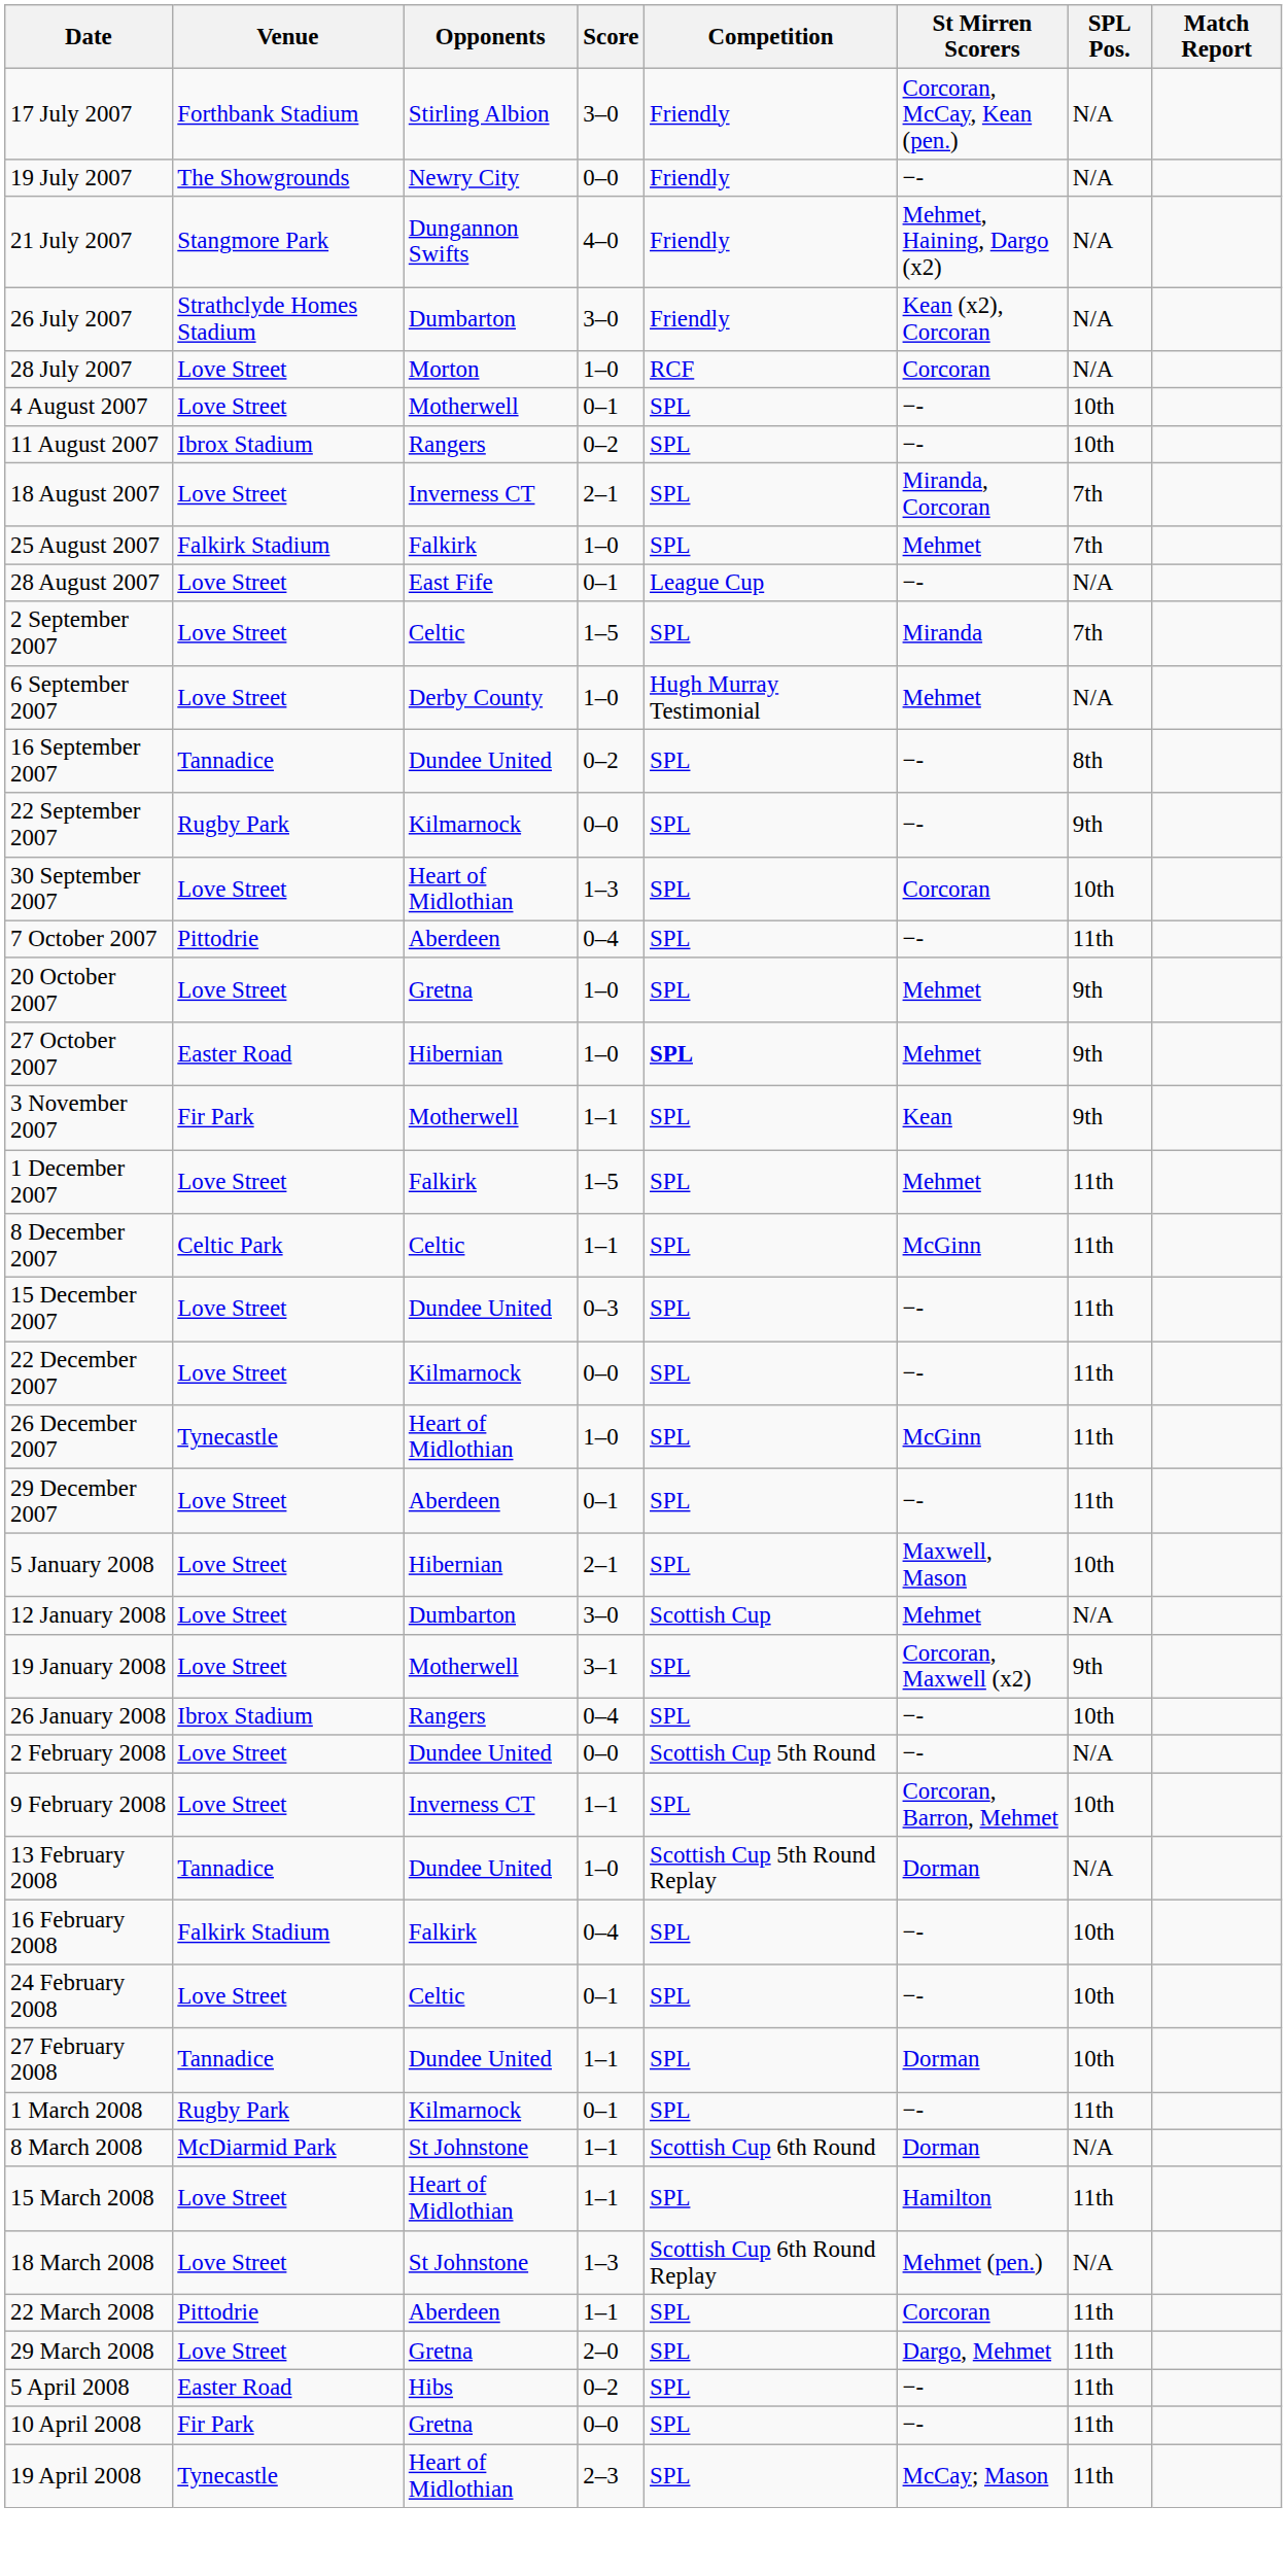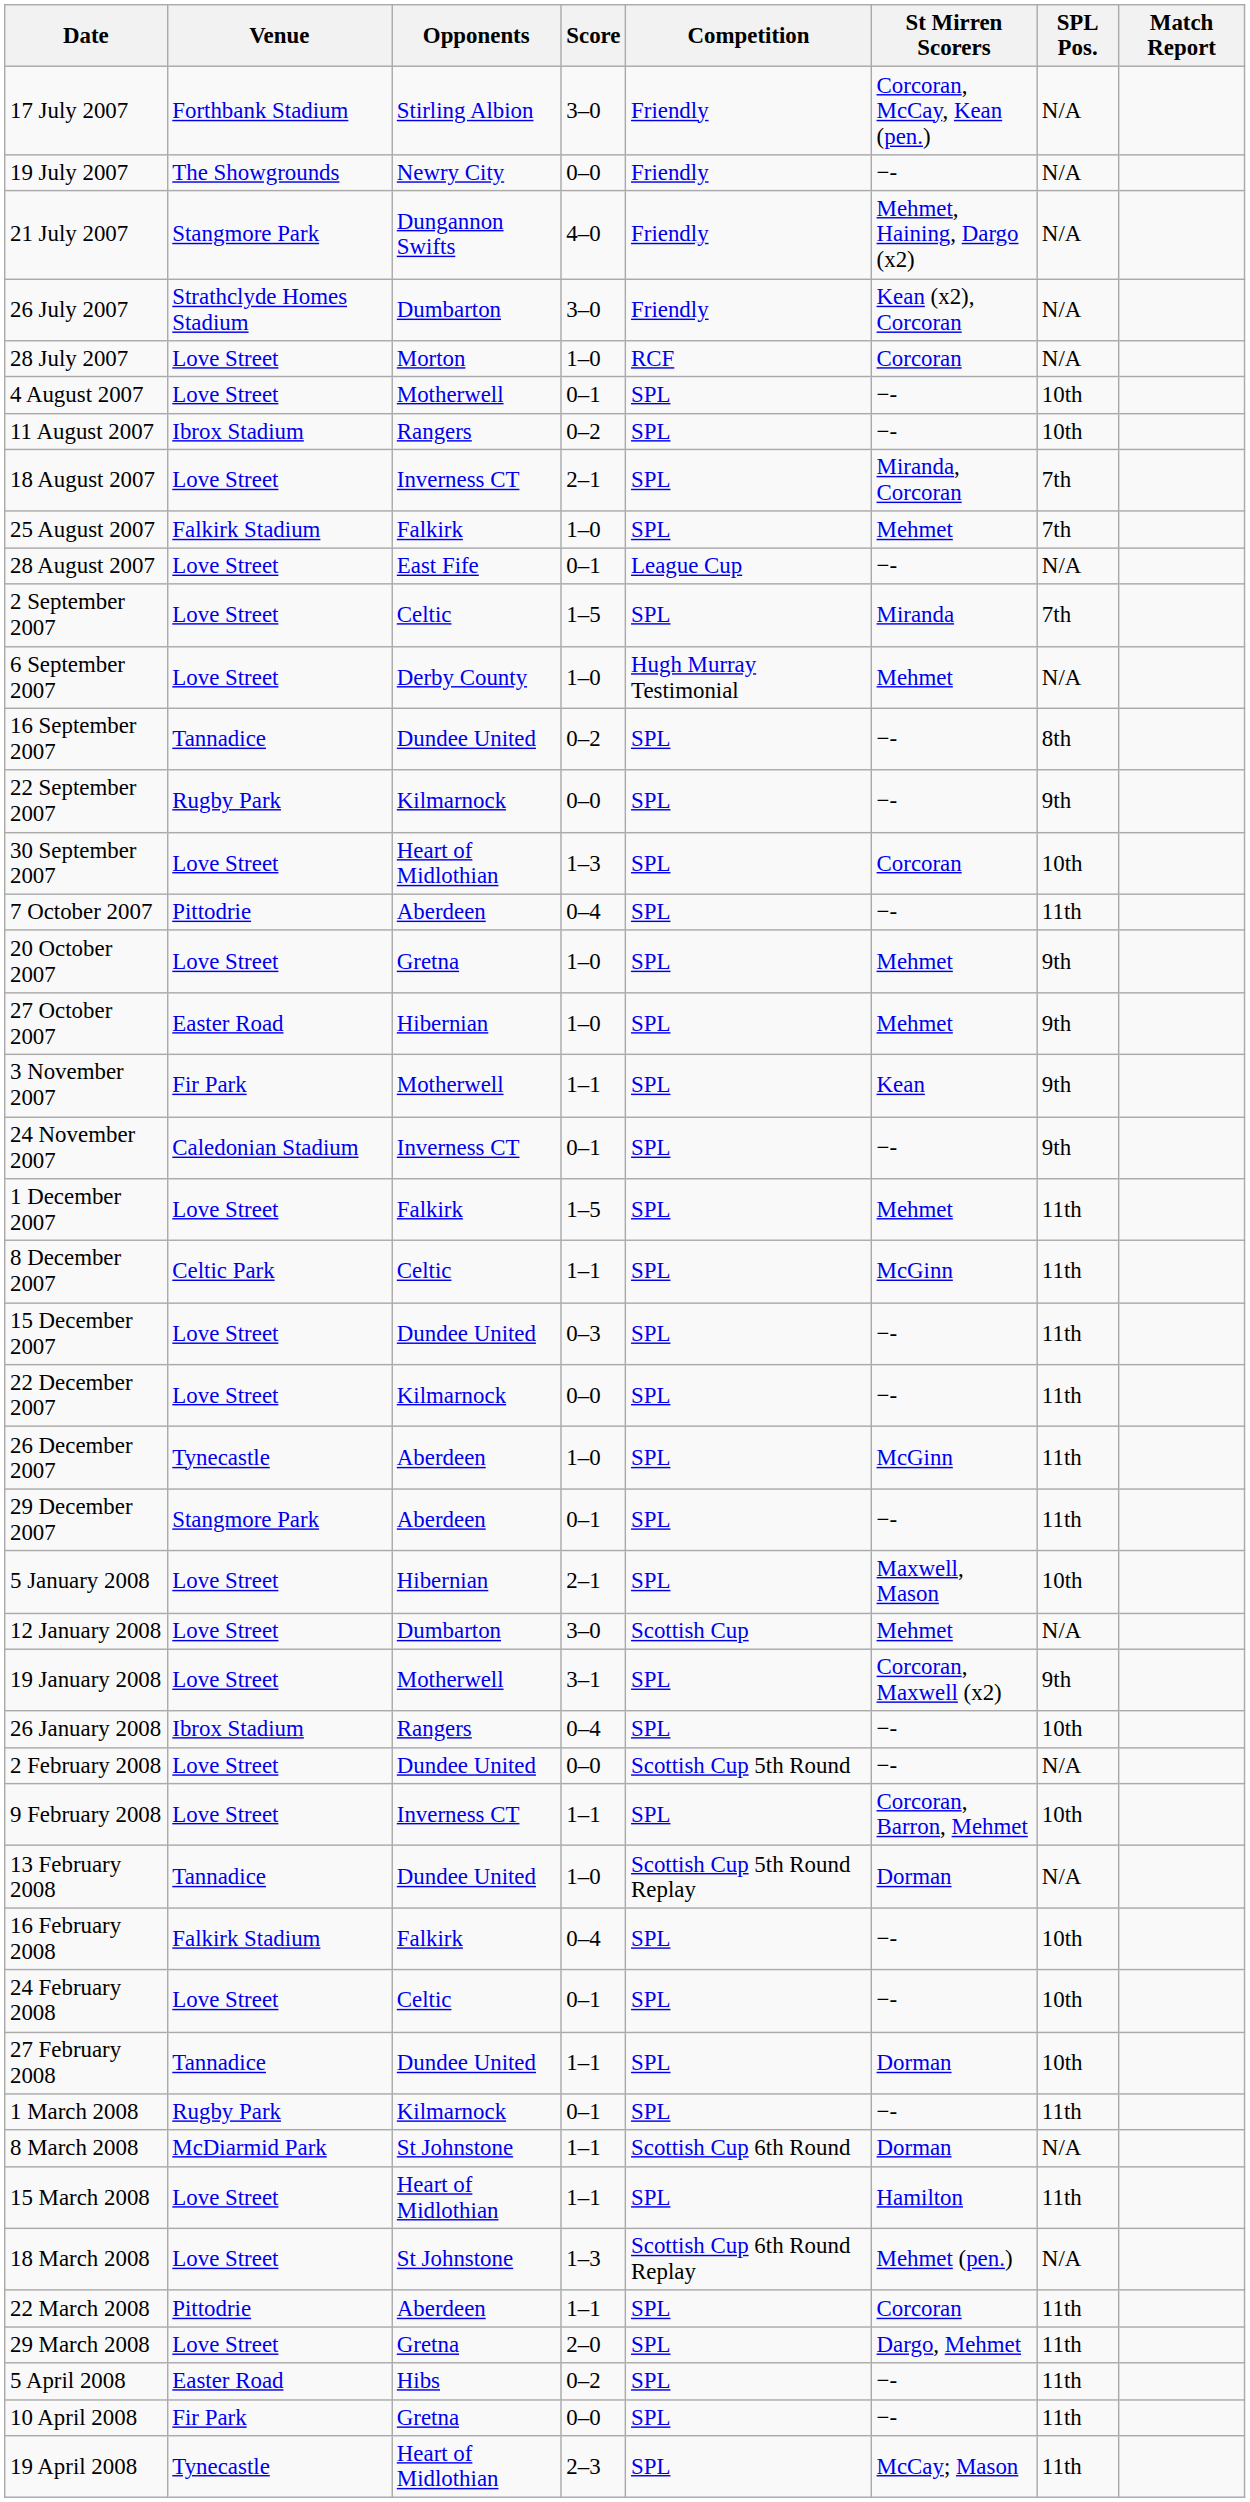 <table class="wikitable">
 <tr>
 <th>Date</th>
 <th>Venue</th>
 <th>Opponents</th>
 <th>Score</th>
 <th>Competition</th>
 <th>St Mirren Scorers</th>
 <th>SPL Pos.</th>
 <th>Match Report</th>
 </tr>
 <tr>
 <td>17 July 2007</td>
 <td><a href='#'>Forthbank Stadium</a></td>
 <td><a href='#'>Stirling Albion</a></td>
 <td>3–0</td>
 <td><a href='#'>Friendly</a></td>
 <td><a href='#'>Corcoran</a>,<br><a href='#'>McCay</a>,  <a href='#'>Kean</a> (<a href='#'>pen.</a>)</td>
 <td>N/A</td>
 <td></td>
 </tr>
 <tr>
 <td>19 July 2007</td>
 <td><a href='#'>The Showgrounds</a></td>
 <td><a href='#'>Newry City</a></td>
 <td>0–0</td>
 <td><a href='#'>Friendly</a></td>
 <td>−-</td>
 <td>N/A</td>
 <td></td>
 </tr>
 <tr>
 <td>21 July 2007</td>
 <td><a href='#'>Stangmore Park</a></td>
 <td><a href='#'>Dungannon Swifts</a></td>
 <td>4–0</td>
 <td><a href='#'>Friendly</a></td>
 <td><a href='#'>Mehmet</a>,<br><a href='#'>Haining</a>,  <a href='#'>Dargo</a> (x2)</td>
 <td>N/A</td>
 <td></td>
 </tr>
 <tr>
 <td>26 July 2007</td>
 <td><a href='#'>Strathclyde Homes Stadium</a></td>
 <td><a href='#'>Dumbarton</a></td>
 <td>3–0</td>
 <td><a href='#'>Friendly</a></td>
 <td><a href='#'>Kean</a> (x2),<br><a href='#'>Corcoran</a></td>
 <td>N/A</td>
 <td></td>
 </tr>
 <tr>
 <td>28 July 2007</td>
 <td><a href='#'>Love Street</a></td>
 <td><a href='#'>Morton</a></td>
 <td>1–0</td>
 <td><a href='#'>RCF</a></td>
 <td><a href='#'>Corcoran</a></td>
 <td>N/A</td>
 <td></td>
 </tr>
 <tr>
 <td>4 August 2007</td>
 <td><a href='#'>Love Street</a></td>
 <td><a href='#'>Motherwell</a></td>
 <td>0–1</td>
 <td><a href='#'>SPL</a></td>
 <td>−-</td>
 <td>10th</td>
 <td></td>
 </tr>
 <tr>
 <td>11 August 2007</td>
 <td><a href='#'>Ibrox Stadium</a></td>
 <td><a href='#'>Rangers</a></td>
 <td>0–2</td>
 <td><a href='#'>SPL</a></td>
 <td>−-</td>
 <td>10th</td>
 <td></td>
 </tr>
 <tr>
 <td>18 August 2007</td>
 <td><a href='#'>Love Street</a></td>
 <td><a href='#'>Inverness CT</a></td>
 <td>2–1</td>
 <td><a href='#'>SPL</a></td>
 <td><a href='#'>Miranda</a>,<br><a href='#'>Corcoran</a></td>
 <td>7th</td>
 <td></td>
 </tr>
 <tr>
 <td>25 August 2007</td>
 <td><a href='#'>Falkirk Stadium</a></td>
 <td><a href='#'>Falkirk</a></td>
 <td>1–0</td>
 <td><a href='#'>SPL</a></td>
 <td><a href='#'>Mehmet</a></td>
 <td>7th</td>
 <td></td>
 </tr>
 <tr>
 <td>28 August 2007</td>
 <td><a href='#'>Love Street</a></td>
 <td><a href='#'>East Fife</a></td>
 <td>0–1</td>
 <td><a href='#'>League Cup</a></td>
 <td>−-</td>
 <td>N/A</td>
 <td></td>
 </tr>
 <tr>
 <td>2 September 2007</td>
 <td><a href='#'>Love Street</a></td>
 <td><a href='#'>Celtic</a></td>
 <td>1–5</td>
 <td><a href='#'>SPL</a></td>
 <td><a href='#'>Miranda</a></td>
 <td>7th</td>
 <td></td>
 </tr>
 <tr>
 <td>6 September 2007</td>
 <td><a href='#'>Love Street</a></td>
 <td><a href='#'>Derby County</a></td>
 <td>1–0</td>
 <td><a href='#'>Hugh Murray</a> Testimonial</td>
 <td><a href='#'>Mehmet</a></td>
 <td>N/A</td>
 <td></td>
 </tr>
 <tr>
 <td>16 September 2007</td>
 <td><a href='#'>Tannadice</a></td>
 <td><a href='#'>Dundee United</a></td>
 <td>0–2</td>
 <td><a href='#'>SPL</a></td>
 <td>−-</td>
 <td>8th</td>
 <td></td>
 </tr>
 <tr>
 <td>22 September 2007</td>
 <td><a href='#'>Rugby Park</a></td>
 <td><a href='#'>Kilmarnock</a></td>
 <td>0–0</td>
 <td><a href='#'>SPL</a></td>
 <td>−-</td>
 <td>9th</td>
 <td></td>
 </tr>
 <tr>
 <td>30 September 2007</td>
 <td><a href='#'>Love Street</a></td>
 <td><a href='#'>Heart of Midlothian</a></td>
 <td>1–3</td>
 <td><a href='#'>SPL</a></td>
 <td><a href='#'>Corcoran</a></td>
 <td>10th</td>
 <td></td>
 </tr>
 <tr>
 <td>7 October 2007</td>
 <td><a href='#'>Pittodrie</a></td>
 <td><a href='#'>Aberdeen</a></td>
 <td>0–4</td>
 <td><a href='#'>SPL</a></td>
 <td>−-</td>
 <td>11th</td>
 <td></td>
 </tr>
 <tr>
 <td>20 October 2007</td>
 <td><a href='#'>Love Street</a></td>
 <td><a href='#'>Gretna</a></td>
 <td>1–0</td>
 <td><a href='#'>SPL</a></td>
 <td><a href='#'>Mehmet</a></td>
 <td>9th</td>
 <td></td>
 </tr>
 <tr>
 <td>27 October 2007</td>
 <td><a href='#'>Easter Road</a></td>
 <td><a href='#'>Hibernian</a></td>
 <td>1–0</td>
-<td><strong><a href='#'>SPL</a></strong></td>
+<td><a href='#'>SPL</a></td>
 <td><a href='#'>Mehmet</a></td>
 <td>9th</td>
 <td></td>
 </tr>
 <tr>
 <td>3 November 2007</td>
 <td><a href='#'>Fir Park</a></td>
 <td><a href='#'>Motherwell</a></td>
 <td>1–1</td>
 <td><a href='#'>SPL</a></td>
 <td><a href='#'>Kean</a></td>
+<td>9th</td>
+<td></td>
+</tr>
+<tr>
+<td>24 November 2007</td>
+<td><a href='#'>Caledonian Stadium</a></td>
+<td><a href='#'>Inverness CT</a></td>
+<td>0–1</td>
+<td><a href='#'>SPL</a></td>
+<td>−-</td>
 <td>9th</td>
 <td></td>
 </tr>
 <tr>
 <td>1 December 2007</td>
 <td><a href='#'>Love Street</a></td>
 <td><a href='#'>Falkirk</a></td>
 <td>1–5</td>
 <td><a href='#'>SPL</a></td>
 <td><a href='#'>Mehmet</a></td>
 <td>11th</td>
 <td></td>
 </tr>
 <tr>
 <td>8 December 2007</td>
 <td><a href='#'>Celtic Park</a></td>
 <td><a href='#'>Celtic</a></td>
 <td>1–1</td>
 <td><a href='#'>SPL</a></td>
 <td><a href='#'>McGinn</a></td>
 <td>11th</td>
 <td></td>
 </tr>
 <tr>
 <td>15 December 2007</td>
 <td><a href='#'>Love Street</a></td>
 <td><a href='#'>Dundee United</a></td>
 <td>0–3</td>
 <td><a href='#'>SPL</a></td>
 <td>−-</td>
 <td>11th</td>
 <td></td>
 </tr>
 <tr>
 <td>22 December 2007</td>
 <td><a href='#'>Love Street</a></td>
 <td><a href='#'>Kilmarnock</a></td>
 <td>0–0</td>
 <td><a href='#'>SPL</a></td>
 <td>−-</td>
 <td>11th</td>
 <td></td>
 </tr>
 <tr>
 <td>26 December 2007</td>
 <td><a href='#'>Tynecastle</a></td>
-<td><a href='#'>Heart of Midlothian</a></td>
+<td><a href='#'>Aberdeen</a></td>
 <td>1–0</td>
 <td><a href='#'>SPL</a></td>
 <td><a href='#'>McGinn</a></td>
 <td>11th</td>
 <td></td>
 </tr>
 <tr>
 <td>29 December 2007</td>
-<td><a href='#'>Love Street</a></td>
+<td><a href='#'>Stangmore Park</a></td>
 <td><a href='#'>Aberdeen</a></td>
 <td>0–1</td>
 <td><a href='#'>SPL</a></td>
 <td>−-</td>
 <td>11th</td>
 <td></td>
 </tr>
 <tr>
 <td>5 January 2008</td>
 <td><a href='#'>Love Street</a></td>
 <td><a href='#'>Hibernian</a></td>
 <td>2–1</td>
 <td><a href='#'>SPL</a></td>
 <td><a href='#'>Maxwell</a>,<br><a href='#'>Mason</a></td>
 <td>10th</td>
 <td></td>
 </tr>
 <tr>
 <td>12 January 2008</td>
 <td><a href='#'>Love Street</a></td>
 <td><a href='#'>Dumbarton</a></td>
 <td>3–0</td>
 <td><a href='#'>Scottish Cup</a></td>
 <td><a href='#'>Mehmet</a></td>
 <td>N/A</td>
 <td></td>
 </tr>
 <tr>
 <td>19 January 2008</td>
 <td><a href='#'>Love Street</a></td>
 <td><a href='#'>Motherwell</a></td>
 <td>3–1</td>
 <td><a href='#'>SPL</a></td>
 <td><a href='#'>Corcoran</a>,<br><a href='#'>Maxwell</a> (x2)</td>
 <td>9th</td>
 <td></td>
 </tr>
 <tr>
 <td>26 January 2008</td>
 <td><a href='#'>Ibrox Stadium</a></td>
 <td><a href='#'>Rangers</a></td>
 <td>0–4</td>
 <td><a href='#'>SPL</a></td>
 <td>−-</td>
 <td>10th</td>
 <td></td>
 </tr>
 <tr>
 <td>2 February 2008</td>
 <td><a href='#'>Love Street</a></td>
 <td><a href='#'>Dundee United</a></td>
 <td>0–0</td>
 <td><a href='#'>Scottish Cup</a> 5th Round</td>
 <td>−-</td>
 <td>N/A</td>
 <td></td>
 </tr>
 <tr>
 <td>9 February 2008</td>
 <td><a href='#'>Love Street</a></td>
 <td><a href='#'>Inverness CT</a></td>
 <td>1–1</td>
 <td><a href='#'>SPL</a></td>
 <td><a href='#'>Corcoran</a>,<br><a href='#'>Barron</a>,  <a href='#'>Mehmet</a></td>
 <td>10th</td>
 <td></td>
 </tr>
 <tr>
 <td>13 February 2008</td>
 <td><a href='#'>Tannadice</a></td>
 <td><a href='#'>Dundee United</a></td>
 <td>1–0</td>
 <td><a href='#'>Scottish Cup</a> 5th Round Replay</td>
 <td><a href='#'>Dorman</a></td>
 <td>N/A</td>
 <td></td>
 </tr>
 <tr>
 <td>16 February 2008</td>
 <td><a href='#'>Falkirk Stadium</a></td>
 <td><a href='#'>Falkirk</a></td>
 <td>0–4</td>
 <td><a href='#'>SPL</a></td>
 <td>−-</td>
 <td>10th</td>
 <td></td>
 </tr>
 <tr>
 <td>24 February 2008</td>
 <td><a href='#'>Love Street</a></td>
 <td><a href='#'>Celtic</a></td>
 <td>0–1</td>
 <td><a href='#'>SPL</a></td>
 <td>−-</td>
 <td>10th</td>
 <td></td>
 </tr>
 <tr>
 <td>27 February 2008</td>
 <td><a href='#'>Tannadice</a></td>
 <td><a href='#'>Dundee United</a></td>
 <td>1–1</td>
 <td><a href='#'>SPL</a></td>
 <td><a href='#'>Dorman</a></td>
 <td>10th</td>
 <td></td>
 </tr>
 <tr>
 <td>1 March 2008</td>
 <td><a href='#'>Rugby Park</a></td>
 <td><a href='#'>Kilmarnock</a></td>
 <td>0–1</td>
 <td><a href='#'>SPL</a></td>
 <td>−-</td>
 <td>11th</td>
 <td></td>
 </tr>
 <tr>
 <td>8 March 2008</td>
 <td><a href='#'>McDiarmid Park</a></td>
 <td><a href='#'>St Johnstone</a></td>
 <td>1–1</td>
 <td><a href='#'>Scottish Cup</a> 6th Round</td>
 <td><a href='#'>Dorman</a></td>
 <td>N/A</td>
 <td></td>
 </tr>
 <tr>
 <td>15 March 2008</td>
 <td><a href='#'>Love Street</a></td>
 <td><a href='#'>Heart of Midlothian</a></td>
 <td>1–1</td>
 <td><a href='#'>SPL</a></td>
 <td><a href='#'>Hamilton</a></td>
 <td>11th</td>
 <td></td>
 </tr>
 <tr>
 <td>18 March 2008</td>
 <td><a href='#'>Love Street</a></td>
 <td><a href='#'>St Johnstone</a></td>
 <td>1–3</td>
 <td><a href='#'>Scottish Cup</a> 6th Round Replay</td>
 <td><a href='#'>Mehmet</a> (<a href='#'>pen.</a>)</td>
 <td>N/A</td>
 <td></td>
 </tr>
 <tr>
 <td>22 March 2008</td>
 <td><a href='#'>Pittodrie</a></td>
 <td><a href='#'>Aberdeen</a></td>
 <td>1–1</td>
 <td><a href='#'>SPL</a></td>
 <td><a href='#'>Corcoran</a></td>
 <td>11th</td>
 <td></td>
 </tr>
 <tr>
 <td>29 March 2008</td>
 <td><a href='#'>Love Street</a></td>
 <td><a href='#'>Gretna</a></td>
 <td>2–0</td>
 <td><a href='#'>SPL</a></td>
 <td><a href='#'>Dargo</a>, <a href='#'>Mehmet</a></td>
 <td>11th</td>
 <td></td>
 </tr>
 <tr>
 <td>5 April 2008</td>
 <td><a href='#'>Easter Road</a></td>
 <td><a href='#'>Hibs</a></td>
 <td>0–2</td>
 <td><a href='#'>SPL</a></td>
 <td>−-</td>
 <td>11th</td>
 <td></td>
 </tr>
 <tr>
 <td>10 April 2008</td>
 <td><a href='#'>Fir Park</a></td>
 <td><a href='#'>Gretna</a></td>
 <td>0–0</td>
 <td><a href='#'>SPL</a></td>
 <td>−-</td>
 <td>11th</td>
 <td></td>
 </tr>
 <tr>
 <td>19 April 2008</td>
 <td><a href='#'>Tynecastle</a></td>
 <td><a href='#'>Heart of Midlothian</a></td>
 <td>2–3</td>
 <td><a href='#'>SPL</a></td>
 <td><a href='#'>McCay</a>; <a href='#'>Mason</a></td>
 <td>11th</td>
 <td></td>
 </tr>
 </table>
